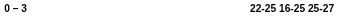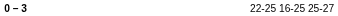 <table width=100% cellspacing=1>
 <tr>
 <th width=20%></th>
 <th width=12%></th>
 <th width=20%></th>
 <th width=33%></th>
 <td></td>
 </tr>
 <tr style=font-size:90%>
 <td align=right></td>
 <td align=center><strong>0 – 3</strong></td>
 <td><strong></strong></td>
-<td><strong>22-25 16-25 25-27</strong></td>
+<td>22-25 16-25 25-27</td>
 </tr>
 </table>
